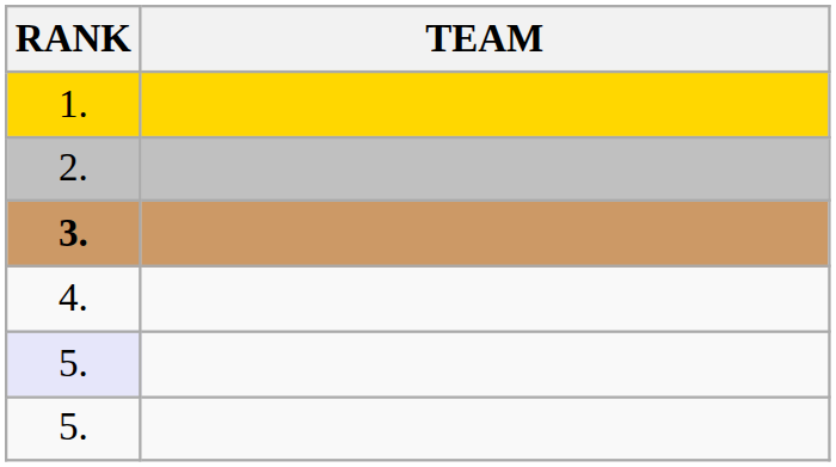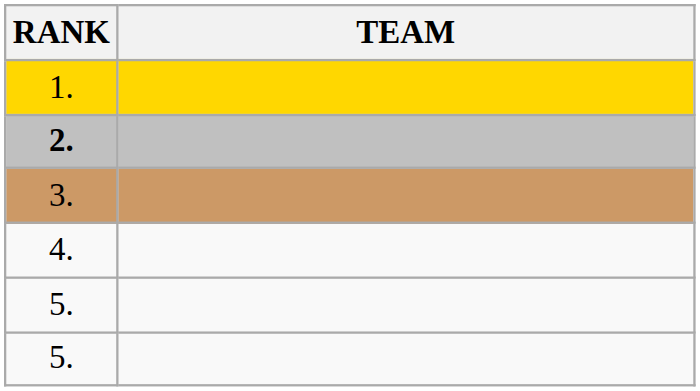 <table class="wikitable" style="border-collapse: collapse; font-size: 90%;">
 <tr>
 <th>RANK</th>
 <th align="left" style="width: 17em">TEAM</th>
 </tr>
 <tr bgcolor=gold>
 <td align="center">1.</td>
 <td></td>
 </tr>
 <tr bgcolor=silver>
-<td align="center">2.</td>
+<td align="center"><strong>2.</strong></td>
 <td></td>
 </tr>
 <tr bgcolor=#cc9966>
-<td align="center"><strong>3.</strong></td>
+<td align="center">3.</td>
 <td></td>
 </tr>
 <tr>
 <td align="center">4.</td>
 <td></td>
 </tr>
 <tr>
-<td align="center" style="background: lavender;">5.</td>
+<td align="center">5.</td>
 <td></td>
 </tr>
 <tr>
 <td align="center">5.</td>
 <td></td>
 </tr>
 </table>
